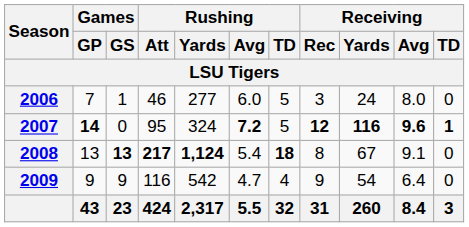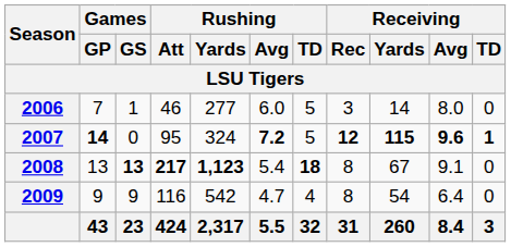 <table class="wikitable" style="text-align:center;">
 <tr>
 <th rowspan="2">Season</th>
 <th colspan="2">Games</th>
 <th colspan="4">Rushing</th>
 <th colspan="4">Receiving</th>
 </tr>
 <tr>
 <th>GP</th>
 <th>GS</th>
 <th>Att</th>
 <th>Yards</th>
 <th>Avg</th>
 <th>TD</th>
 <th>Rec</th>
 <th>Yards</th>
 <th>Avg</th>
 <th>TD</th>
 </tr>
 <tr>
 <th colspan="15">LSU Tigers</th>
 </tr>
 <tr>
 <th><a href='#'>2006</a></th>
 <td>7</td>
 <td>1</td>
 <td>46</td>
 <td>277</td>
 <td>6.0</td>
 <td>5</td>
 <td>3</td>
-<td>24</td>
+<td>14</td>
 <td>8.0</td>
 <td>0</td>
 </tr>
 <tr>
 <th><a href='#'>2007</a></th>
 <td><strong>14</strong></td>
 <td>0</td>
 <td>95</td>
 <td>324</td>
 <td><strong>7.2</strong></td>
 <td>5</td>
 <td><strong>12</strong></td>
-<td><strong>116</strong></td>
+<td><strong>115</strong></td>
 <td><strong>9.6</strong></td>
 <td><strong>1</strong></td>
 </tr>
 <tr>
 <th><a href='#'>2008</a></th>
 <td>13</td>
 <td><strong>13</strong></td>
 <td><strong>217</strong></td>
-<td><strong>1,124</strong></td>
+<td><strong>1,123</strong></td>
 <td>5.4</td>
 <td><strong>18</strong></td>
 <td>8</td>
 <td>67</td>
 <td>9.1</td>
 <td>0</td>
 </tr>
 <tr>
 <th><a href='#'>2009</a></th>
 <td>9</td>
 <td>9</td>
 <td>116</td>
 <td>542</td>
 <td>4.7</td>
 <td>4</td>
-<td>9</td>
+<td>8</td>
 <td>54</td>
 <td>6.4</td>
 <td>0</td>
 </tr>
 <tr>
 <th></th>
 <th>43</th>
 <th>23</th>
 <th>424</th>
 <th>2,317</th>
 <th>5.5</th>
 <th>32</th>
 <th>31</th>
 <th>260</th>
 <th>8.4</th>
 <th>3</th>
 </tr>
 </table>
